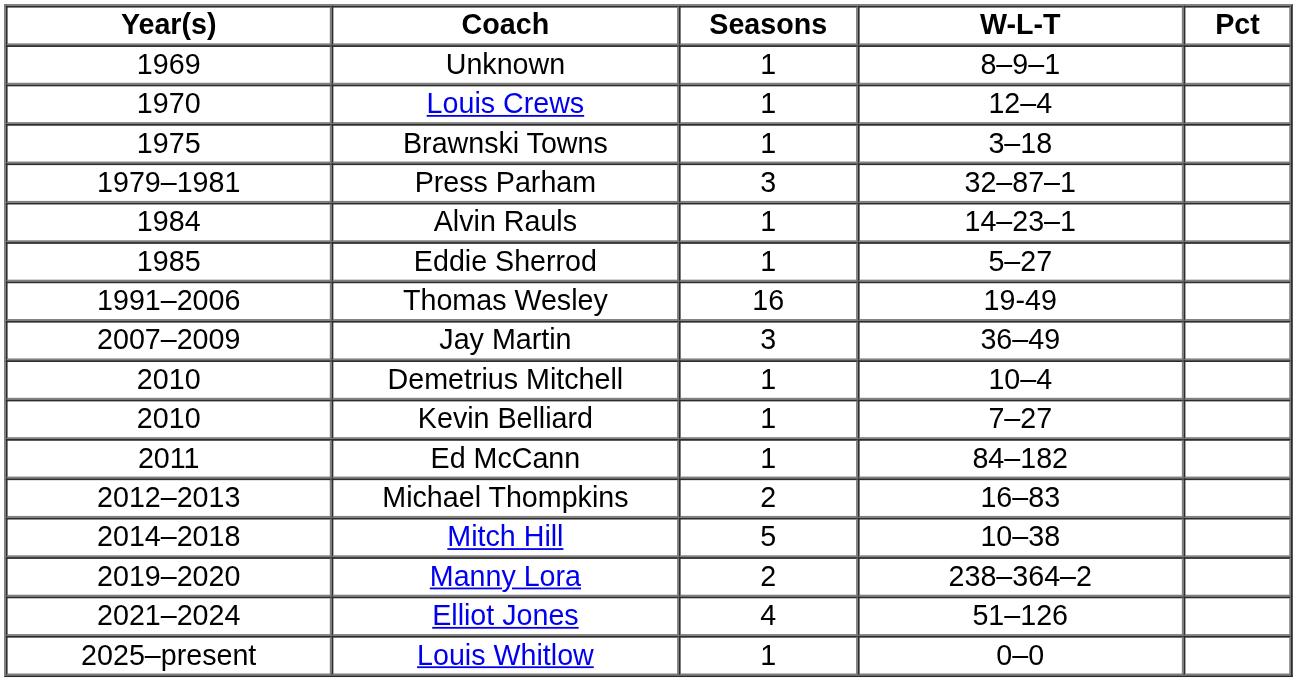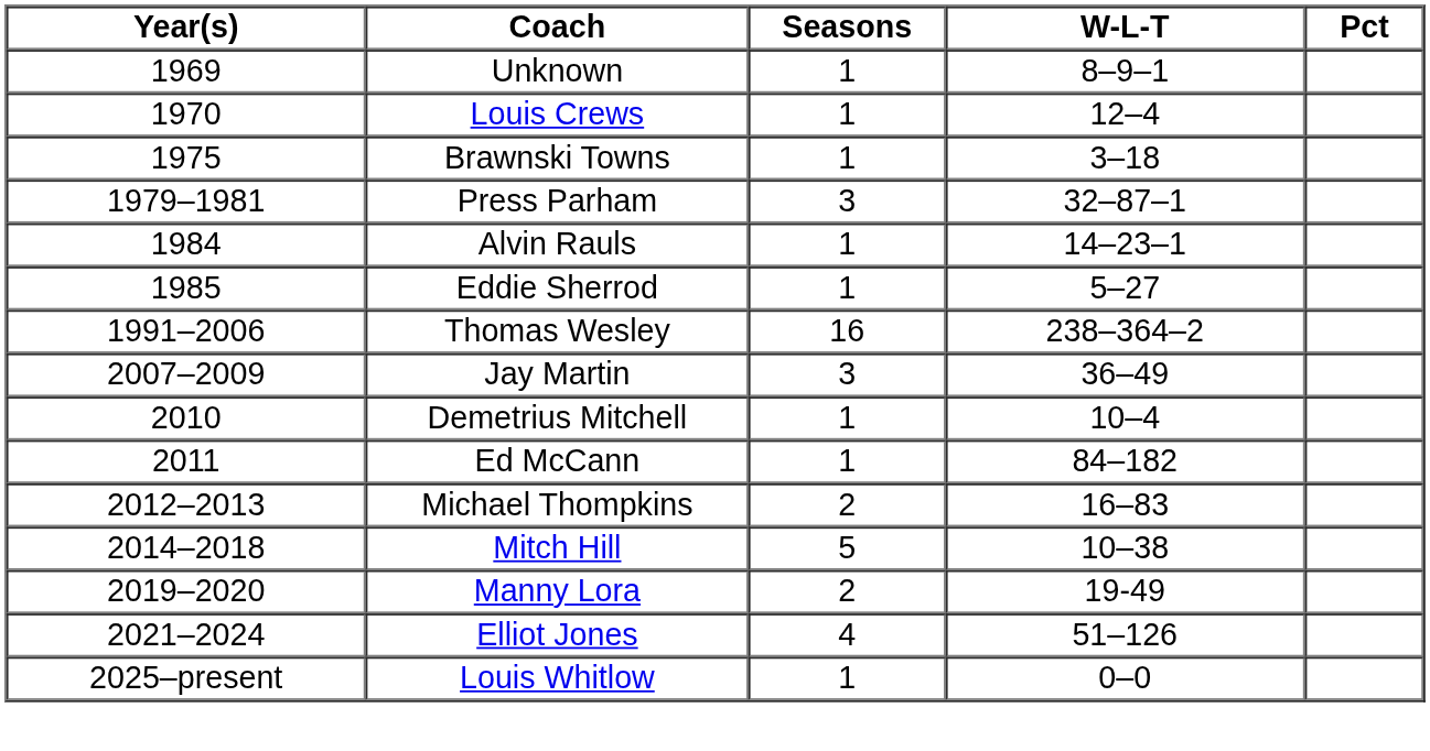 <table cellpadding="1" border="1" cellspacing="0" width="57%" style="text-align:center;">
 <tr>
 <th width="15%">Year(s)</th>
 <th width="16%">Coach</th>
 <th width="6%">Seasons</th>
 <th width="15%">W-L-T</th>
 <th width="5%">Pct</th>
 </tr>
 <tr>
 <td>1969</td>
 <td>Unknown</td>
 <td>1</td>
 <td>8–9–1</td>
 <td></td>
 </tr>
 <tr>
 <td>1970</td>
 <td><a href='#'>Louis Crews</a></td>
 <td>1</td>
 <td>12–4</td>
 <td></td>
 </tr>
 <tr>
 <td>1975</td>
 <td>Brawnski Towns</td>
 <td>1</td>
 <td>3–18</td>
 <td></td>
 </tr>
 <tr>
 <td>1979–1981</td>
 <td>Press Parham</td>
 <td>3</td>
 <td>32–87–1</td>
 <td></td>
 </tr>
 <tr>
 <td>1984</td>
 <td>Alvin Rauls</td>
 <td>1</td>
 <td>14–23–1</td>
 <td></td>
 </tr>
 <tr>
 <td>1985</td>
 <td>Eddie Sherrod</td>
 <td>1</td>
 <td>5–27</td>
 <td></td>
 </tr>
 <tr>
 <td>1991–2006</td>
 <td>Thomas Wesley</td>
 <td>16</td>
-<td>19-49</td>
+<td>238–364–2</td>
 <td></td>
 </tr>
 <tr>
 <td>2007–2009</td>
 <td>Jay Martin</td>
 <td>3</td>
 <td>36–49</td>
 <td></td>
 </tr>
 <tr>
 <td>2010</td>
 <td>Demetrius Mitchell</td>
 <td>1</td>
 <td>10–4</td>
-<td></td>
-</tr>
-<tr>
-<td>2010</td>
-<td>Kevin Belliard</td>
-<td>1</td>
-<td>7–27</td>
 <td></td>
 </tr>
 <tr>
 <td>2011</td>
 <td>Ed McCann</td>
 <td>1</td>
 <td>84–182</td>
 <td></td>
 </tr>
 <tr>
 <td>2012–2013</td>
 <td>Michael Thompkins</td>
 <td>2</td>
 <td>16–83</td>
 <td></td>
 </tr>
 <tr>
 <td>2014–2018</td>
 <td><a href='#'>Mitch Hill</a></td>
 <td>5</td>
 <td>10–38</td>
 <td></td>
 </tr>
 <tr>
 <td>2019–2020</td>
 <td><a href='#'>Manny Lora</a></td>
 <td>2</td>
-<td>238–364–2</td>
+<td>19-49</td>
 <td></td>
 </tr>
 <tr>
 <td>2021–2024</td>
 <td><a href='#'>Elliot Jones</a></td>
 <td>4</td>
 <td>51–126</td>
 <td></td>
 </tr>
 <tr>
 <td>2025–present</td>
 <td><a href='#'>Louis Whitlow</a></td>
 <td>1</td>
 <td>0–0</td>
 <td><br></td>
 </tr>
 </table>
